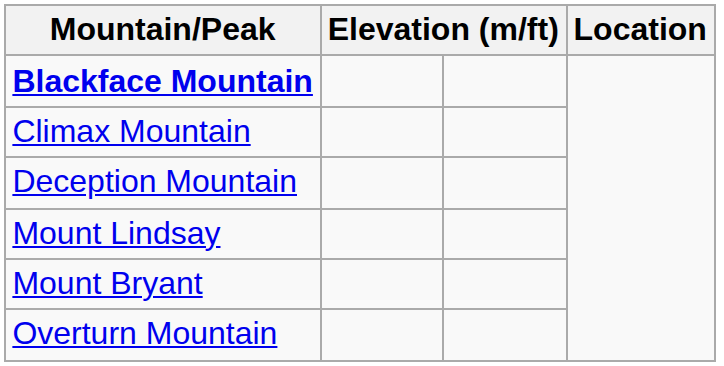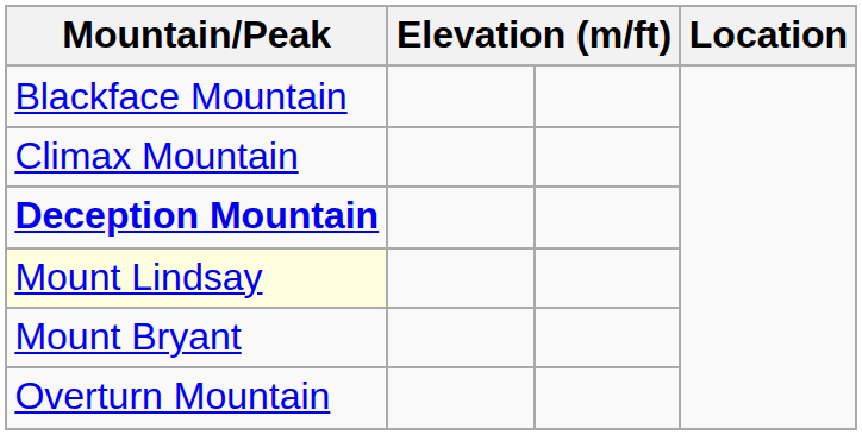 <table class="wikitable sortable">
 <tr>
 <th>Mountain/Peak</th>
 <th colspan=2>Elevation (m/ft)</th>
 <th>Location</th>
 </tr>
 <tr>
-<td><strong><a href='#'>Blackface Mountain</a></strong></td>
+<td><a href='#'>Blackface Mountain</a></td>
 <td></td>
 <td></td>
 </tr>
 <tr>
 <td><a href='#'>Climax Mountain</a></td>
 <td></td>
 <td></td>
 </tr>
 <tr>
-<td><a href='#'>Deception Mountain</a></td>
+<td><strong><a href='#'>Deception Mountain</a></strong></td>
 <td></td>
 <td></td>
 </tr>
 <tr>
-<td><a href='#'>Mount Lindsay</a></td>
+<td style="background: lightyellow;"><a href='#'>Mount Lindsay</a></td>
 <td></td>
 <td></td>
 </tr>
 <tr>
 <td><a href='#'>Mount Bryant</a></td>
 <td></td>
 <td></td>
 </tr>
 <tr>
 <td><a href='#'>Overturn Mountain</a></td>
 <td></td>
 <td></td>
 </tr>
 </table>
